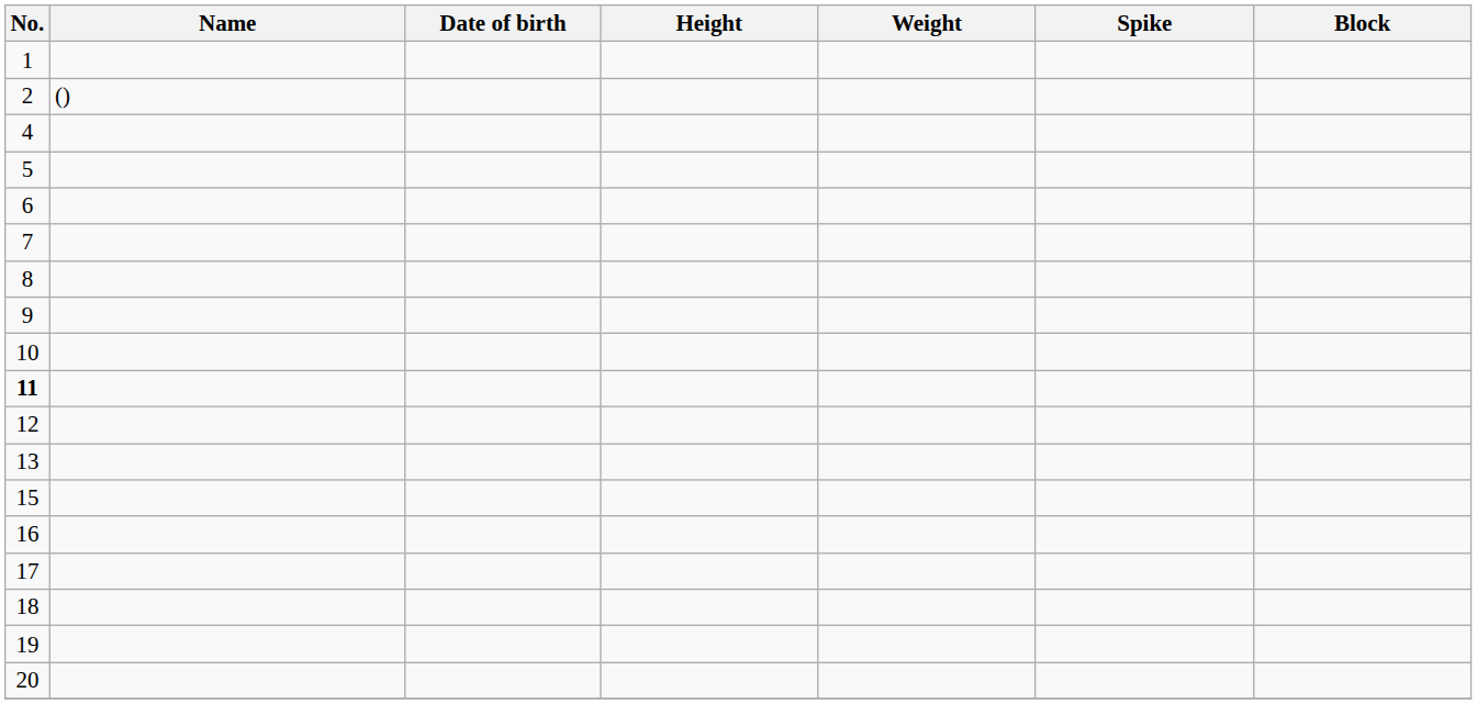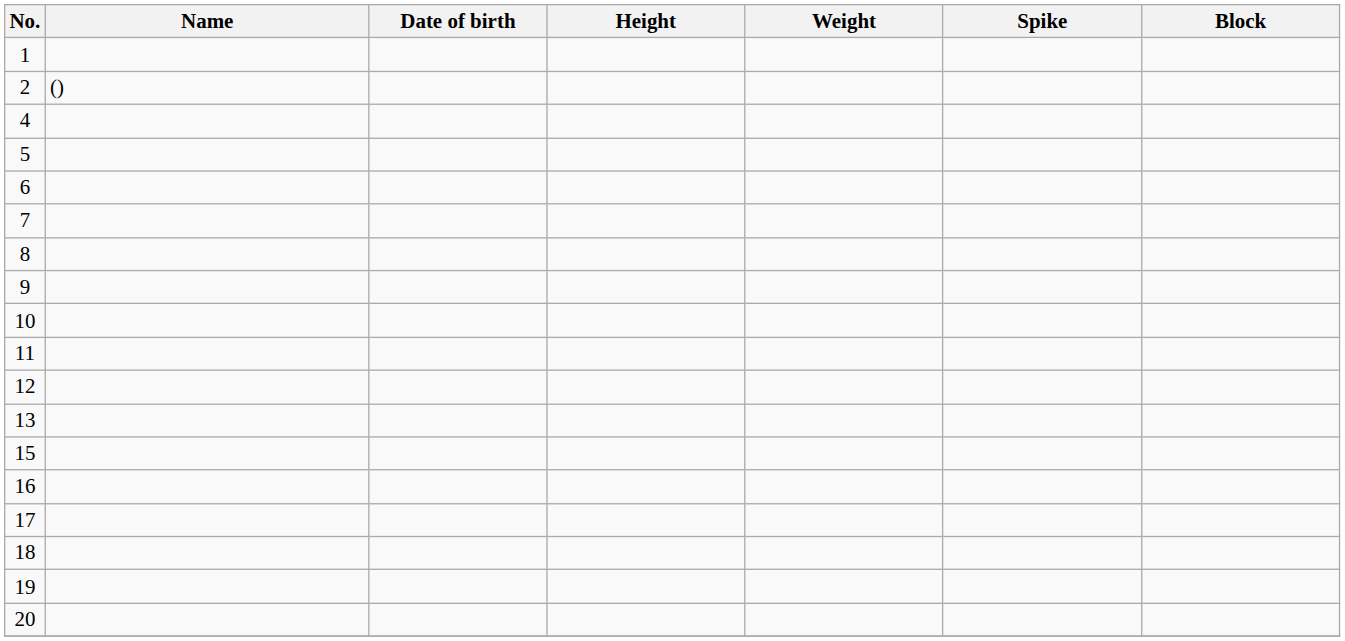 <table class="wikitable sortable" style="font-size:100%; text-align:center;">
 <tr>
 <th>No.</th>
 <th style="width:15em">Name</th>
 <th style="width:8em">Date of birth</th>
 <th style="width:9em">Height</th>
 <th style="width:9em">Weight</th>
 <th style="width:9em">Spike</th>
 <th style="width:9em">Block</th>
 </tr>
 <tr>
 <td>1</td>
 <td align=left> </td>
 <td align=right></td>
 <td></td>
 <td></td>
 <td></td>
 <td></td>
 </tr>
 <tr>
 <td>2</td>
 <td align=left>  ()</td>
 <td align=right></td>
 <td></td>
 <td></td>
 <td></td>
 <td></td>
 </tr>
 <tr>
 <td>4</td>
 <td align=left> </td>
 <td align=right></td>
 <td></td>
 <td></td>
 <td></td>
 <td></td>
 </tr>
 <tr>
 <td>5</td>
 <td align=left> </td>
 <td align=right></td>
 <td></td>
 <td></td>
 <td></td>
 <td></td>
 </tr>
 <tr>
 <td>6</td>
 <td align=left> </td>
 <td align=right></td>
 <td></td>
 <td></td>
 <td></td>
 <td></td>
 </tr>
 <tr>
 <td>7</td>
 <td align=left> </td>
 <td align=right></td>
 <td></td>
 <td></td>
 <td></td>
 <td></td>
 </tr>
 <tr>
 <td>8</td>
 <td align=left> </td>
 <td align=right></td>
 <td></td>
 <td></td>
 <td></td>
 <td></td>
 </tr>
 <tr>
 <td>9</td>
 <td align=left> </td>
 <td align=right></td>
 <td></td>
 <td></td>
 <td></td>
 <td></td>
 </tr>
 <tr>
 <td>10</td>
 <td align=left> </td>
 <td align=right></td>
 <td></td>
 <td></td>
 <td></td>
 <td></td>
 </tr>
 <tr>
-<td><strong>11</strong></td>
+<td>11</td>
 <td align=left> </td>
 <td align=right></td>
 <td></td>
 <td></td>
 <td></td>
 <td></td>
 </tr>
 <tr>
 <td>12</td>
 <td align=left> </td>
 <td align=right></td>
 <td></td>
 <td></td>
 <td></td>
 <td></td>
 </tr>
 <tr>
 <td>13</td>
 <td align=left> </td>
 <td align=right></td>
 <td></td>
 <td></td>
 <td></td>
 <td></td>
 </tr>
 <tr>
 <td>15</td>
 <td align=left> </td>
 <td align=right></td>
 <td></td>
 <td></td>
 <td></td>
 <td></td>
 </tr>
 <tr>
 <td>16</td>
 <td align=left> </td>
 <td align=right></td>
 <td></td>
 <td></td>
 <td></td>
 <td></td>
 </tr>
 <tr>
 <td>17</td>
 <td align=left> </td>
 <td align=right></td>
 <td></td>
 <td></td>
 <td></td>
 <td></td>
 </tr>
 <tr>
 <td>18</td>
 <td align=left> </td>
 <td align=right></td>
 <td></td>
 <td></td>
 <td></td>
 <td></td>
 </tr>
 <tr>
 <td>19</td>
 <td align=left> </td>
 <td align=right></td>
 <td></td>
 <td></td>
 <td></td>
 <td></td>
 </tr>
 <tr>
 <td>20</td>
 <td align=left> </td>
 <td align=right></td>
 <td></td>
 <td></td>
 <td></td>
 <td></td>
 </tr>
 <tr>
 </tr>
 </table>
